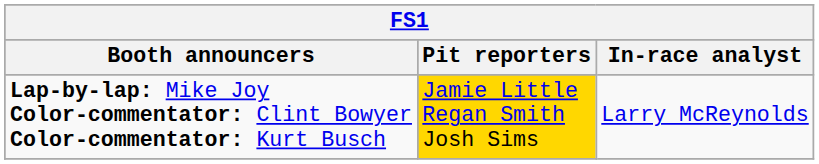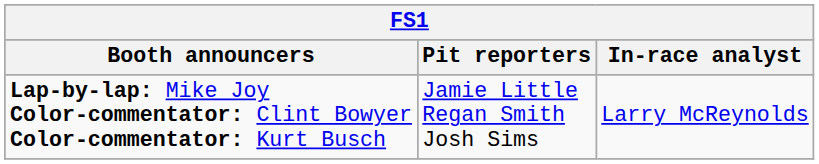 <table class="wikitable" style="font-size: 95%">
 <tr>
 <th colspan="3"><a href='#'>FS1</a></th>
 </tr>
 <tr>
 <th>Booth announcers</th>
 <th>Pit reporters</th>
 <th>In-race analyst</th>
 </tr>
 <tr>
 <td><strong>Lap-by-lap:</strong> <a href='#'>Mike Joy</a><br><strong>Color-commentator:</strong> <a href='#'>Clint Bowyer</a><br><strong>Color-commentator:</strong> <a href='#'>Kurt Busch</a></td>
-<td style="background: gold;"><a href='#'>Jamie Little</a><br><a href='#'>Regan Smith</a><br>Josh Sims</td>
+<td><a href='#'>Jamie Little</a><br><a href='#'>Regan Smith</a><br>Josh Sims</td>
 <td><a href='#'>Larry McReynolds</a></td>
 </tr>
 </table>
